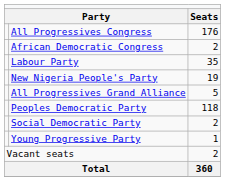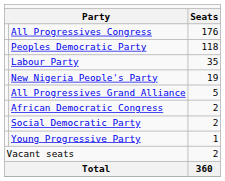 <table class="wikitable" style="text-align:right;">
 <tr>
 <td colspan=3 style="background-color:#F8F9FA; text-align:center;"></td>
 </tr>
 <tr>
 <th colspan="2">Party</th>
 <th>Seats</th>
 </tr>
 <tr>
 <td style="background-color:"></td>
 <td style="text-align:left;"><a href='#'>All Progressives Congress</a></td>
 <td>176</td>
 </tr>
 <tr>
 <td style="background-color:"></td>
-<td style="text-align:left;"><a href='#'>African Democratic Congress</a></td>
-<td>2</td>
+<td style="text-align:left;"><a href='#'>Peoples Democratic Party</a></td>
+<td>118</td>
 </tr>
 <tr>
 <td style="background-color:"></td>
 <td style="text-align:left;"><a href='#'>Labour Party</a></td>
 <td>35</td>
 </tr>
 <tr>
 <td style="background-color:"></td>
 <td style="text-align:left;"><a href='#'>New Nigeria People's Party</a></td>
 <td>19</td>
 </tr>
 <tr>
 <td style="background-color:"></td>
 <td style="text-align:left;"><a href='#'>All Progressives Grand Alliance</a></td>
 <td>5</td>
 </tr>
 <tr>
 <td style="background-color:"></td>
-<td style="text-align:left;"><a href='#'>Peoples Democratic Party</a></td>
-<td>118</td>
+<td style="text-align:left;"><a href='#'>African Democratic Congress</a></td>
+<td>2</td>
 </tr>
 <tr>
 <td style="background-color:"></td>
 <td style="text-align:left;"><a href='#'>Social Democratic Party</a></td>
 <td>2</td>
 </tr>
 <tr>
 <td style="background-color:"></td>
 <td style="text-align:left;"><a href='#'>Young Progressive Party</a></td>
 <td>1</td>
 </tr>
 <tr>
 <td colspan=2 style="text-align:left;">Vacant seats</td>
 <td>2</td>
 </tr>
 <tr>
 <th colspan=2>Total</th>
 <th>360</th>
 </tr>
 <tr>
 </tr>
 </table>
